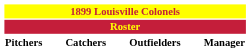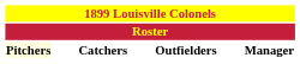 <table class="toccolours" style="font-size: 95%;">
 <tr>
 <th colspan="10" style="background-color: #FFFF00; color: #C41E3A; text-align: center;">1899 Louisville Colonels</th>
 </tr>
 <tr>
 <td colspan="10" style="background-color: #C41E3A; color: yellow; text-align: center;"><strong>Roster</strong></td>
 </tr>
 <tr>
-<td valign="top"><strong>Pitchers</strong><br>         </td>
+<td valign="top" style="background: lightyellow;"><strong>Pitchers</strong><br>         </td>
 <td width="25px"></td>
 <td valign="top"><strong>Catchers</strong><br>              </td>
 <td width="25px"></td>
 <td valign="top"><strong>Outfielders</strong><br>     </td>
 <td width="25px"></td>
 <td valign="top"><strong>Manager</strong><br></td>
 </tr>
 </table>
